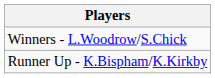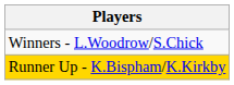 <table class="wikitable">
 <tr>
 <th>Players</th>
 </tr>
 <tr>
 <td> Winners - <a href='#'>L.Woodrow</a>/<a href='#'>S.Chick</a></td>
 </tr>
 <tr>
-<td> Runner Up - <a href='#'>K.Bispham</a>/<a href='#'>K.Kirkby</a></td>
+<td style="background: gold;"> Runner Up - <a href='#'>K.Bispham</a>/<a href='#'>K.Kirkby</a></td>
 </tr>
 </table>
